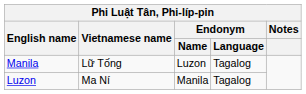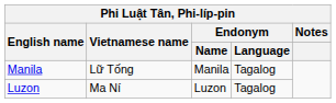 <table class="wikitable sortable">
 <tr>
 <th colspan="5"> Phi Luật Tân, Phi-líp-pin</th>
 </tr>
 <tr>
 <th rowspan="2">English name</th>
 <th rowspan="2">Vietnamese name</th>
 <th colspan="2">Endonym</th>
 <th>Notes</th>
 </tr>
 <tr>
 <th>Name</th>
 <th>Language</th>
 <th></th>
 </tr>
 <tr>
 <td><a href='#'>Manila</a></td>
 <td>Lữ Tống</td>
-<td>Luzon</td>
+<td>Manila</td>
 <td>Tagalog</td>
 </tr>
 <tr>
 <td><a href='#'>Luzon</a></td>
 <td>Ma Ní</td>
-<td>Manila</td>
+<td>Luzon</td>
 <td>Tagalog</td>
 </tr>
 </table>
